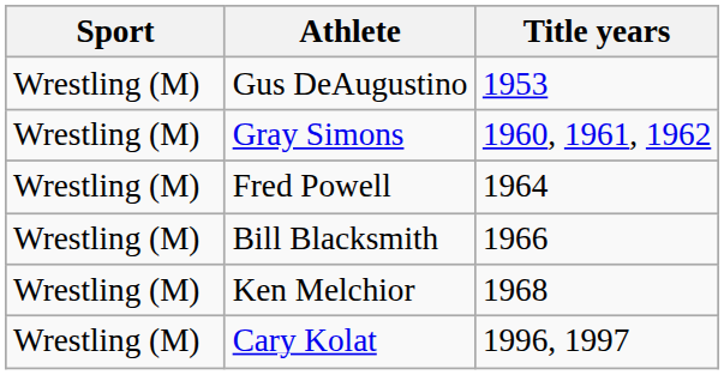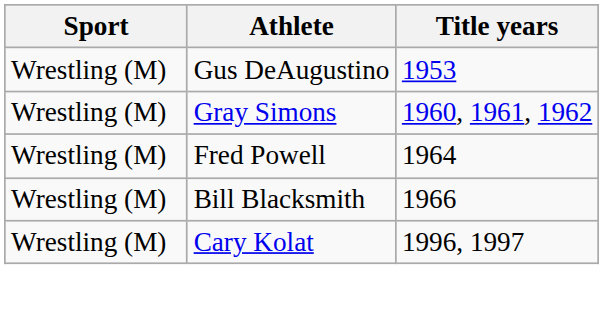 <table class="wikitable">
 <tr>
 <th width=100px>Sport</th>
 <th width=px>Athlete</th>
 <th width=px>Title years</th>
 </tr>
 <tr>
 <td>Wrestling (M)</td>
 <td>Gus DeAugustino</td>
 <td><a href='#'>1953</a></td>
 </tr>
 <tr>
 <td>Wrestling (M)</td>
 <td><a href='#'>Gray Simons</a></td>
 <td><a href='#'>1960</a>, <a href='#'>1961</a>, <a href='#'>1962</a></td>
 </tr>
 <tr>
 <td>Wrestling (M)</td>
 <td>Fred Powell</td>
 <td>1964</td>
 </tr>
 <tr>
 <td>Wrestling (M)</td>
 <td>Bill Blacksmith</td>
 <td>1966</td>
 </tr>
 <tr>
 <td>Wrestling (M)</td>
-<td>Ken Melchior</td>
-<td>1968</td>
-</tr>
-<tr>
-<td>Wrestling (M)</td>
 <td><a href='#'>Cary Kolat</a></td>
 <td>1996, 1997</td>
 </tr>
 </table>
